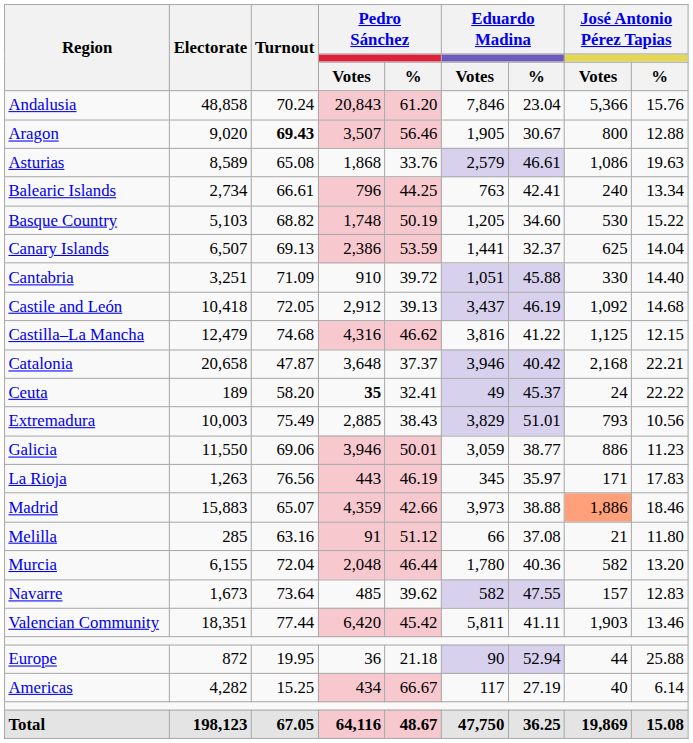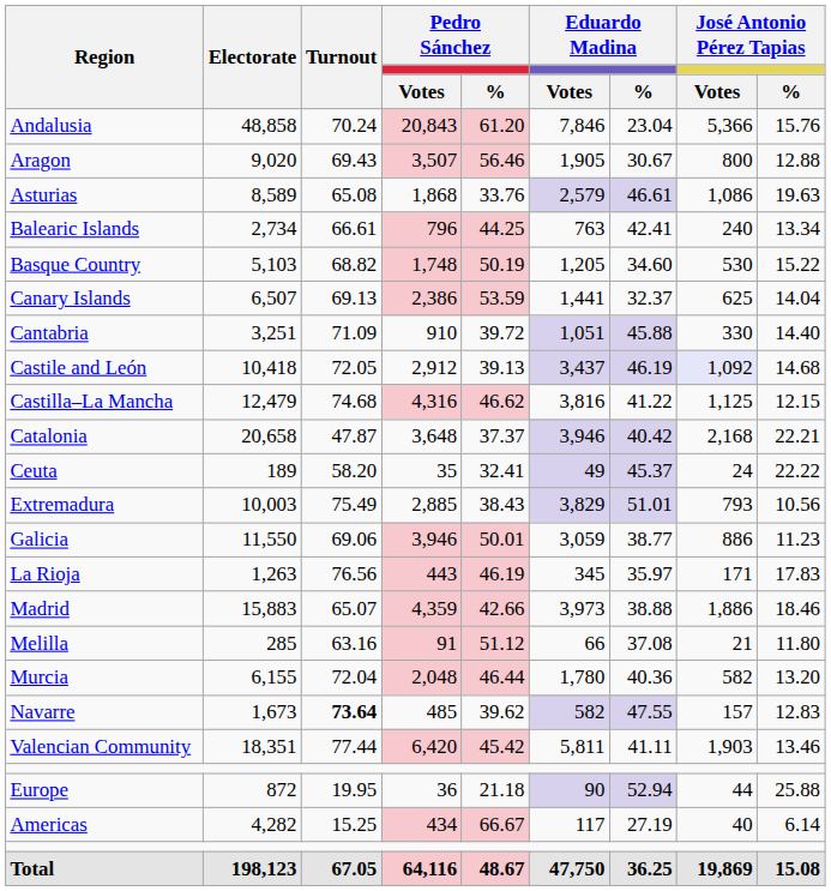 <table class="wikitable sortable" style="text-align:right; line-height:20px;">
 <tr>
 <th width="150" rowspan="3">Region</th>
 <th rowspan="3">Electorate</th>
 <th rowspan="3">Turnout</th>
 <th colspan="2" width="110" class="unsortable"><a href='#'>Pedro<br>Sánchez</a></th>
 <th colspan="2" width="110" class="unsortable"><a href='#'>Eduardo<br>Madina</a></th>
 <th colspan="2" width="110" class="unsortable"><a href='#'>José Antonio<br>Pérez Tapias</a></th>
 </tr>
 <tr>
 <th colspan="2" style="color:inherit;background:#DD2239;"></th>
 <th colspan="2" style="color:inherit;background:#6C5BBD;"></th>
 <th colspan="2" style="color:inherit;background:#E6D753;"></th>
 </tr>
 <tr>
 <th data-sort-type="number">Votes</th>
 <th data-sort-type="number">%</th>
 <th data-sort-type="number">Votes</th>
 <th data-sort-type="number">%</th>
 <th data-sort-type="number">Votes</th>
 <th data-sort-type="number">%</th>
 </tr>
 <tr>
 <td align="left"><a href='#'>Andalusia</a></td>
 <td>48,858</td>
 <td>70.24</td>
 <td style="color:inherit;background:#F7C8CE;">20,843</td>
 <td style="color:inherit;background:#F7C8CE;">61.20</td>
 <td>7,846</td>
 <td>23.04</td>
 <td>5,366</td>
 <td>15.76</td>
 </tr>
 <tr>
 <td align="left"><a href='#'>Aragon</a></td>
 <td>9,020</td>
-<td><strong>69.43</strong></td>
+<td>69.43</td>
 <td style="color:inherit;background:#F7C8CE;">3,507</td>
 <td style="color:inherit;background:#F7C8CE;">56.46</td>
 <td>1,905</td>
 <td>30.67</td>
 <td>800</td>
 <td>12.88</td>
 </tr>
 <tr>
 <td align="left"><a href='#'>Asturias</a></td>
 <td>8,589</td>
 <td>65.08</td>
 <td>1,868</td>
 <td>33.76</td>
 <td style="color:inherit;background:#D7D1ED;">2,579</td>
 <td style="color:inherit;background:#D7D1ED;">46.61</td>
 <td>1,086</td>
 <td>19.63</td>
 </tr>
 <tr>
 <td align="left"><a href='#'>Balearic Islands</a></td>
 <td>2,734</td>
 <td>66.61</td>
 <td style="color:inherit;background:#F7C8CE;">796</td>
 <td style="color:inherit;background:#F7C8CE;">44.25</td>
 <td>763</td>
 <td>42.41</td>
 <td>240</td>
 <td>13.34</td>
 </tr>
 <tr>
 <td align="left"><a href='#'>Basque Country</a></td>
 <td>5,103</td>
 <td>68.82</td>
 <td style="color:inherit;background:#F7C8CE;">1,748</td>
 <td style="color:inherit;background:#F7C8CE;">50.19</td>
 <td>1,205</td>
 <td>34.60</td>
 <td>530</td>
 <td>15.22</td>
 </tr>
 <tr>
 <td align="left"><a href='#'>Canary Islands</a></td>
 <td>6,507</td>
 <td>69.13</td>
 <td style="color:inherit;background:#F7C8CE;">2,386</td>
 <td style="color:inherit;background:#F7C8CE;">53.59</td>
 <td>1,441</td>
 <td>32.37</td>
 <td>625</td>
 <td>14.04</td>
 </tr>
 <tr>
 <td align="left"><a href='#'>Cantabria</a></td>
 <td>3,251</td>
 <td>71.09</td>
 <td>910</td>
 <td>39.72</td>
 <td style="color:inherit;background:#D7D1ED;">1,051</td>
 <td style="color:inherit;background:#D7D1ED;">45.88</td>
 <td>330</td>
 <td>14.40</td>
 </tr>
 <tr>
 <td align="left"><a href='#'>Castile and León</a></td>
 <td>10,418</td>
 <td>72.05</td>
 <td>2,912</td>
 <td>39.13</td>
 <td style="color:inherit;background:#D7D1ED;">3,437</td>
 <td style="color:inherit;background:#D7D1ED;">46.19</td>
-<td>1,092</td>
+<td style="background: lavender;">1,092</td>
 <td>14.68</td>
 </tr>
 <tr>
 <td align="left"><a href='#'>Castilla–La Mancha</a></td>
 <td>12,479</td>
 <td>74.68</td>
 <td style="color:inherit;background:#F7C8CE;">4,316</td>
 <td style="color:inherit;background:#F7C8CE;">46.62</td>
 <td>3,816</td>
 <td>41.22</td>
 <td>1,125</td>
 <td>12.15</td>
 </tr>
 <tr>
 <td align="left"><a href='#'>Catalonia</a></td>
 <td>20,658</td>
 <td>47.87</td>
 <td>3,648</td>
 <td>37.37</td>
 <td style="color:inherit;background:#D7D1ED;">3,946</td>
 <td style="color:inherit;background:#D7D1ED;">40.42</td>
 <td>2,168</td>
 <td>22.21</td>
 </tr>
 <tr>
 <td align="left"><a href='#'>Ceuta</a></td>
 <td>189</td>
 <td>58.20</td>
-<td><strong>35</strong></td>
+<td>35</td>
 <td>32.41</td>
 <td style="color:inherit;background:#D7D1ED;">49</td>
 <td style="color:inherit;background:#D7D1ED;">45.37</td>
 <td>24</td>
 <td>22.22</td>
 </tr>
 <tr>
 <td align="left"><a href='#'>Extremadura</a></td>
 <td>10,003</td>
 <td>75.49</td>
 <td>2,885</td>
 <td>38.43</td>
 <td style="color:inherit;background:#D7D1ED;">3,829</td>
 <td style="color:inherit;background:#D7D1ED;">51.01</td>
 <td>793</td>
 <td>10.56</td>
 </tr>
 <tr>
 <td align="left"><a href='#'>Galicia</a></td>
 <td>11,550</td>
 <td>69.06</td>
 <td style="color:inherit;background:#F7C8CE;">3,946</td>
 <td style="color:inherit;background:#F7C8CE;">50.01</td>
 <td>3,059</td>
 <td>38.77</td>
 <td>886</td>
 <td>11.23</td>
 </tr>
 <tr>
 <td align="left"><a href='#'>La Rioja</a></td>
 <td>1,263</td>
 <td>76.56</td>
 <td style="color:inherit;background:#F7C8CE;">443</td>
 <td style="color:inherit;background:#F7C8CE;">46.19</td>
 <td>345</td>
 <td>35.97</td>
 <td>171</td>
 <td>17.83</td>
 </tr>
 <tr>
 <td align="left"><a href='#'>Madrid</a></td>
 <td>15,883</td>
 <td>65.07</td>
 <td style="color:inherit;background:#F7C8CE;">4,359</td>
 <td style="color:inherit;background:#F7C8CE;">42.66</td>
 <td>3,973</td>
 <td>38.88</td>
-<td style="background: lightsalmon;">1,886</td>
+<td>1,886</td>
 <td>18.46</td>
 </tr>
 <tr>
 <td align="left"><a href='#'>Melilla</a></td>
 <td>285</td>
 <td>63.16</td>
 <td style="color:inherit;background:#F7C8CE;">91</td>
 <td style="color:inherit;background:#F7C8CE;">51.12</td>
 <td>66</td>
 <td>37.08</td>
 <td>21</td>
 <td>11.80</td>
 </tr>
 <tr>
 <td align="left"><a href='#'>Murcia</a></td>
 <td>6,155</td>
 <td>72.04</td>
 <td style="color:inherit;background:#F7C8CE;">2,048</td>
 <td style="color:inherit;background:#F7C8CE;">46.44</td>
 <td>1,780</td>
 <td>40.36</td>
 <td>582</td>
 <td>13.20</td>
 </tr>
 <tr>
 <td align="left"><a href='#'>Navarre</a></td>
 <td>1,673</td>
-<td>73.64</td>
+<td><strong>73.64</strong></td>
 <td>485</td>
 <td>39.62</td>
 <td style="color:inherit;background:#D7D1ED;">582</td>
 <td style="color:inherit;background:#D7D1ED;">47.55</td>
 <td>157</td>
 <td>12.83</td>
 </tr>
 <tr>
 <td align="left"><a href='#'>Valencian Community</a></td>
 <td>18,351</td>
 <td>77.44</td>
 <td style="color:inherit;background:#F7C8CE;">6,420</td>
 <td style="color:inherit;background:#F7C8CE;">45.42</td>
 <td>5,811</td>
 <td>41.11</td>
 <td>1,903</td>
 <td>13.46</td>
 </tr>
 <tr>
 <td colspan="9"></td>
 </tr>
 <tr>
 <td align="left"><a href='#'>Europe</a></td>
 <td>872</td>
 <td>19.95</td>
 <td>36</td>
 <td>21.18</td>
 <td style="color:inherit;background:#D7D1ED;">90</td>
 <td style="color:inherit;background:#D7D1ED;">52.94</td>
 <td>44</td>
 <td>25.88</td>
 </tr>
 <tr>
 <td align="left"><a href='#'>Americas</a></td>
 <td>4,282</td>
 <td>15.25</td>
 <td style="color:inherit;background:#F7C8CE;">434</td>
 <td style="color:inherit;background:#F7C8CE;">66.67</td>
 <td>117</td>
 <td>27.19</td>
 <td>40</td>
 <td>6.14</td>
 </tr>
 <tr>
 <td colspan="9"></td>
 </tr>
 <tr style="font-weight:bold; background:#E4E4E4;">
 <td align="left">Total</td>
 <td>198,123</td>
 <td>67.05</td>
 <td style="color:inherit;background:#F7C8CE;">64,116</td>
 <td style="color:inherit;background:#F7C8CE;">48.67</td>
 <td>47,750</td>
 <td>36.25</td>
 <td>19,869</td>
 <td>15.08</td>
 </tr>
 </table>
